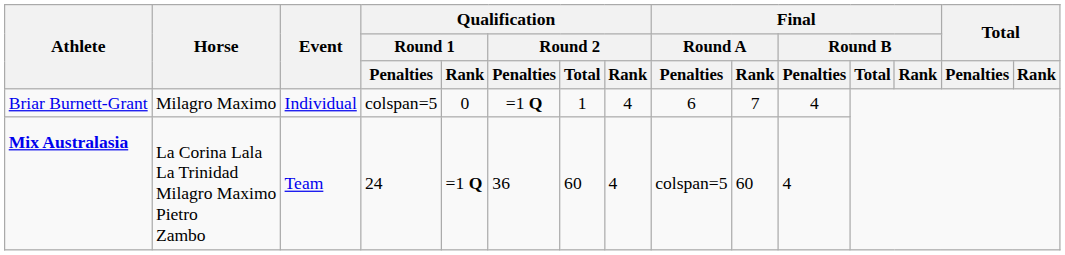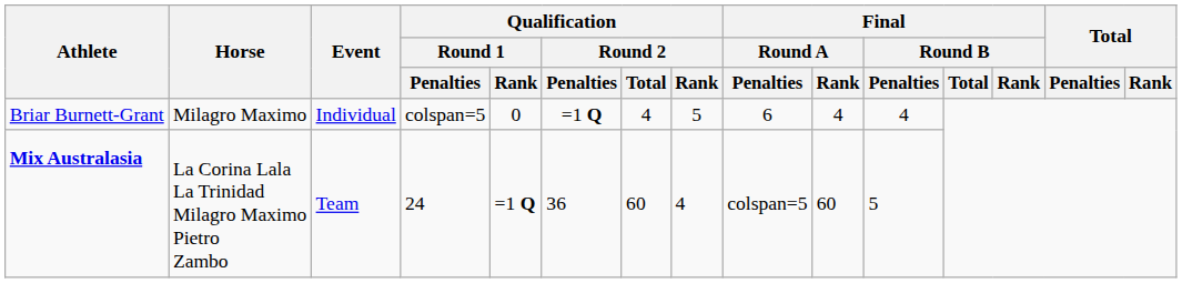 <table class="wikitable" style="font-size:90%">
 <tr>
 <th rowspan="3">Athlete</th>
 <th rowspan="3">Horse</th>
 <th rowspan="3">Event</th>
 <th colspan="5">Qualification</th>
 <th colspan="5">Final</th>
 <th rowspan=2 colspan="2">Total</th>
 </tr>
 <tr style="font-size:95%">
 <th colspan="2">Round 1</th>
 <th colspan="3">Round 2</th>
 <th colspan="2">Round A</th>
 <th colspan="3">Round B</th>
 </tr>
 <tr style="font-size:95%">
 <th>Penalties</th>
 <th>Rank</th>
 <th>Penalties</th>
 <th>Total</th>
 <th>Rank</th>
 <th>Penalties</th>
 <th>Rank</th>
 <th>Penalties</th>
 <th>Total</th>
 <th>Rank</th>
 <th>Penalties</th>
 <th>Rank</th>
 </tr>
 <tr align=center>
 <td align=left><a href='#'>Briar Burnett-Grant</a></td>
 <td align=left>Milagro Maximo</td>
 <td align=left rowspan=1><a href='#'>Individual</a></td>
 <td>colspan=5 </td>
 <td>0</td>
 <td>=1 <strong>Q</strong></td>
-<td>1</td>
 <td>4</td>
+<td>5</td>
 <td>6</td>
-<td>7</td>
+<td>4</td>
 <td>4</td>
 </tr>
 <tr align=left>
 <td rowspan=5><strong><a href='#'>Mix Australasia</a></strong><br><br><br><br><br></td>
 <td align=left><br>La Corina Lala<br>La Trinidad<br>Milagro Maximo<br>Pietro<br>Zambo</td>
 <td align=left><a href='#'>Team</a></td>
 <td>24</td>
 <td>=1 <strong>Q</strong></td>
 <td>36</td>
 <td>60</td>
 <td>4</td>
 <td>colspan=5 </td>
 <td>60</td>
-<td>4</td>
+<td>5</td>
 </tr>
 </table>
